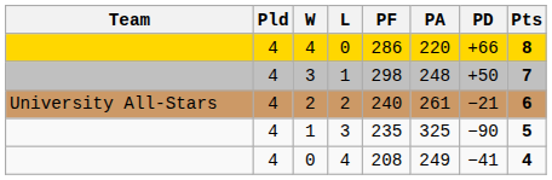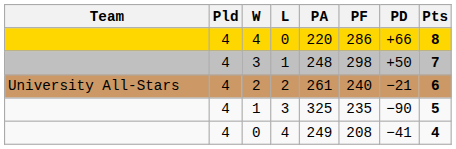 <table class="wikitable" style="text-align:center;">
 <tr>
 <th width=180>Team</th>
 <th width=20>Pld</th>
 <th width=20>W</th>
 <th width=20>L</th>
+<th width=30>PA</th>
 <th width=30>PF</th>
-<th width=30>PA</th>
 <th width=30>PD</th>
 <th width=20>Pts</th>
 </tr>
 <tr bgcolor=gold>
 <td align="left"></td>
 <td>4</td>
 <td>4</td>
 <td>0</td>
+<td>220</td>
 <td>286</td>
-<td>220</td>
 <td>+66</td>
 <td><strong>8</strong></td>
 </tr>
 <tr bgcolor=silver>
 <td align="left"></td>
 <td>4</td>
 <td>3</td>
 <td>1</td>
+<td>248</td>
 <td>298</td>
-<td>248</td>
 <td>+50</td>
 <td><strong>7</strong></td>
 </tr>
 <tr bgcolor=cc9966>
 <td align="left"> University All-Stars</td>
 <td>4</td>
 <td>2</td>
 <td>2</td>
+<td>261</td>
 <td>240</td>
-<td>261</td>
 <td>−21</td>
 <td><strong>6</strong></td>
 </tr>
 <tr>
 <td align="left"></td>
 <td>4</td>
 <td>1</td>
 <td>3</td>
+<td>325</td>
 <td>235</td>
-<td>325</td>
 <td>−90</td>
 <td><strong>5</strong></td>
 </tr>
 <tr>
 <td align="left"></td>
 <td>4</td>
 <td>0</td>
 <td>4</td>
+<td>249</td>
 <td>208</td>
-<td>249</td>
 <td>−41</td>
 <td><strong>4</strong></td>
 </tr>
 </table>
